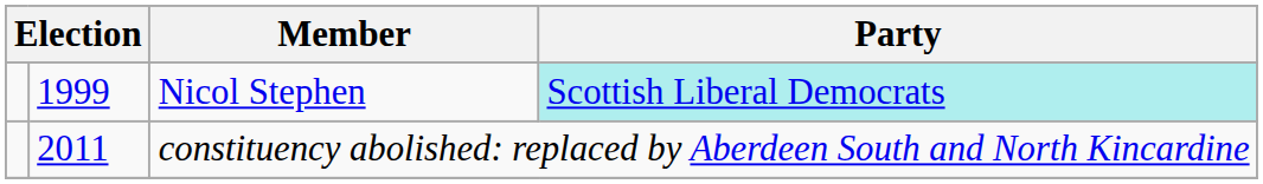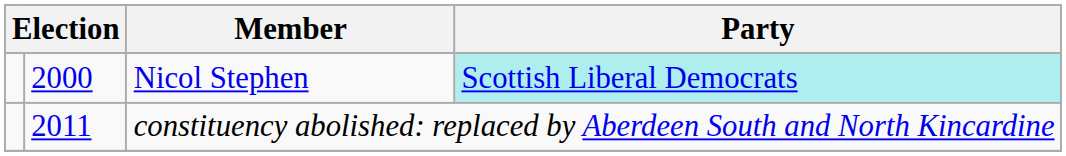 <table class="wikitable">
 <tr>
 <th colspan="2">Election</th>
 <th>Member</th>
 <th>Party</th>
 </tr>
 <tr>
 <td style="background-color: "></td>
-<td><a href='#'>1999</a></td>
+<td><a href='#'>2000</a></td>
 <td><a href='#'>Nicol Stephen</a></td>
 <td style="background: paleturquoise;"><a href='#'>Scottish Liberal Democrats</a></td>
 </tr>
 <tr>
 <td style="background-color:"></td>
 <td><a href='#'>2011</a></td>
 <td colspan="3"><em>constituency abolished: replaced by <a href='#'>Aberdeen South and North Kincardine</a></em></td>
 </tr>
 <tr>
 </tr>
 </table>
